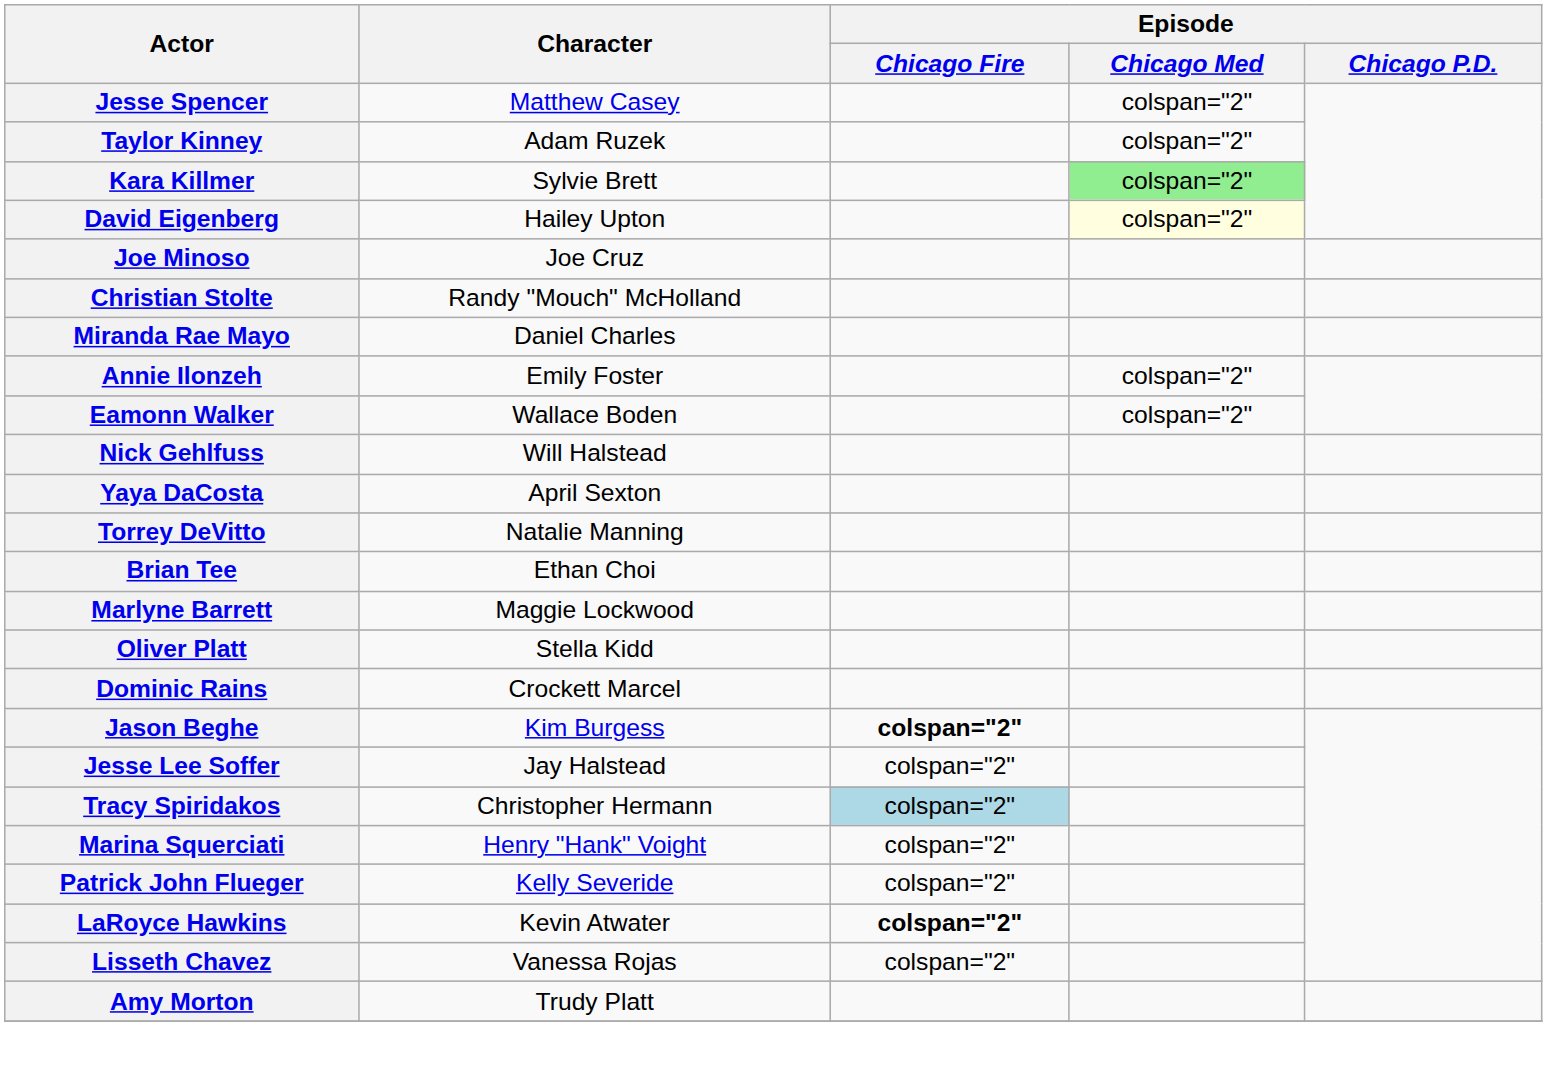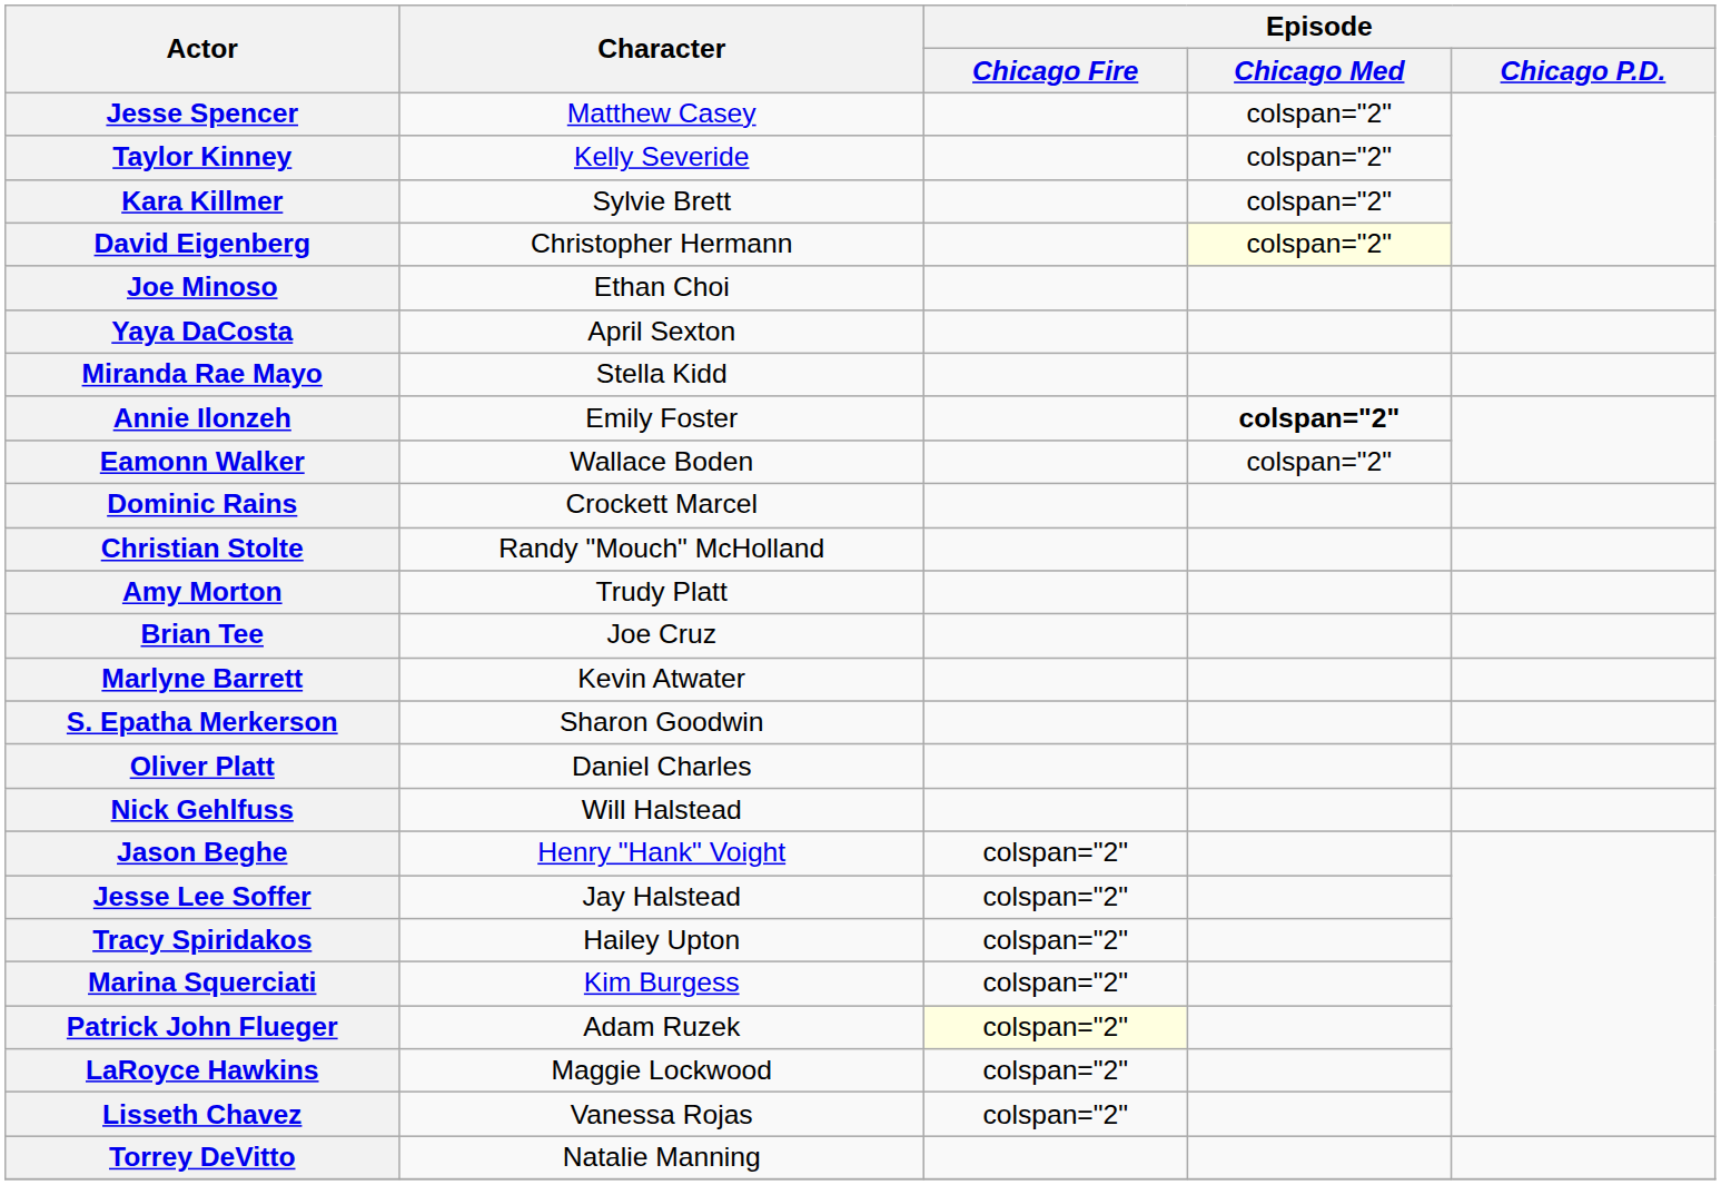 <table class="wikitable" style="width:79%; text-align:center;">
 <tr>
 <th scope="col" rowspan="2" width=15%>Actor</th>
 <th scope="col" rowspan="2" width=20%>Character</th>
 <th scope="col" colspan="3">Episode</th>
 </tr>
 <tr>
 <th scope="col" width=10%><em><a href='#'>Chicago Fire</a></em></th>
 <th scope="col" width=10%><em><a href='#'>Chicago Med</a></em></th>
 <th scope="col" width=10%><em><a href='#'>Chicago P.D.</a></em></th>
 </tr>
 <tr>
 <th scope="row"><a href='#'>Jesse Spencer</a></th>
 <td><a href='#'>Matthew Casey</a></td>
 <td></td>
 <td>colspan="2" </td>
 </tr>
 <tr>
 <th scope="row"><a href='#'>Taylor Kinney</a></th>
-<td>Adam Ruzek</td>
+<td><a href='#'>Kelly Severide</a></td>
 <td></td>
 <td>colspan="2" </td>
 </tr>
 <tr>
 <th scope="row"><a href='#'>Kara Killmer</a></th>
 <td>Sylvie Brett</td>
 <td></td>
-<td style="background: lightgreen;">colspan="2" </td>
+<td>colspan="2" </td>
 </tr>
 <tr>
 <th scope="row"><a href='#'>David Eigenberg</a></th>
-<td>Hailey Upton</td>
+<td>Christopher Hermann</td>
 <td></td>
 <td style="background: lightyellow;">colspan="2" </td>
 </tr>
 <tr>
 <th scope="row"><a href='#'>Joe Minoso</a></th>
-<td>Joe Cruz</td>
+<td>Ethan Choi</td>
+<td></td>
+<td></td>
+<td></td>
+</tr>
+<tr>
+<th scope="row"><a href='#'>Yaya DaCosta</a></th>
+<td>April Sexton</td>
+<td></td>
+<td></td>
+<td></td>
+</tr>
+<tr>
+<th scope="row"><a href='#'>Miranda Rae Mayo</a></th>
+<td>Stella Kidd</td>
+<td></td>
+<td></td>
+<td></td>
+</tr>
+<tr>
+<th scope="row"><a href='#'>Annie Ilonzeh</a></th>
+<td>Emily Foster</td>
+<td></td>
+<td><strong>colspan="2" </strong></td>
+</tr>
+<tr>
+<th scope="row"><a href='#'>Eamonn Walker</a></th>
+<td>Wallace Boden</td>
+<td></td>
+<td>colspan="2" </td>
+</tr>
+<tr>
+<th scope="row"><a href='#'>Dominic Rains</a></th>
+<td>Crockett Marcel</td>
 <td></td>
 <td></td>
 <td></td>
 </tr>
 <tr>
 <th scope="row"><a href='#'>Christian Stolte</a></th>
 <td>Randy "Mouch" McHolland</td>
 <td></td>
 <td></td>
 <td></td>
 </tr>
 <tr>
-<th scope="row"><a href='#'>Miranda Rae Mayo</a></th>
-<td>Daniel Charles</td>
+<th scope="row"><a href='#'>Amy Morton</a></th>
+<td>Trudy Platt</td>
 <td></td>
 <td></td>
 <td></td>
 </tr>
 <tr>
-<th scope="row"><a href='#'>Annie Ilonzeh</a></th>
-<td>Emily Foster</td>
+<th scope="row"><a href='#'>Brian Tee</a></th>
+<td>Joe Cruz</td>
 <td></td>
-<td>colspan="2" </td>
+<td></td>
+<td></td>
 </tr>
 <tr>
-<th scope="row"><a href='#'>Eamonn Walker</a></th>
-<td>Wallace Boden</td>
+<th scope="row"><a href='#'>Marlyne Barrett</a></th>
+<td>Kevin Atwater</td>
 <td></td>
-<td>colspan="2" </td>
+<td></td>
+<td></td>
+</tr>
+<tr>
+<th scope="row"><a href='#'>S. Epatha Merkerson</a></th>
+<td>Sharon Goodwin</td>
+<td></td>
+<td></td>
+<td></td>
+</tr>
+<tr>
+<th scope="row"><a href='#'>Oliver Platt</a></th>
+<td>Daniel Charles</td>
+<td></td>
+<td></td>
+<td></td>
 </tr>
 <tr>
 <th scope="row"><a href='#'>Nick Gehlfuss</a></th>
 <td>Will Halstead</td>
 <td></td>
 <td></td>
 <td></td>
 </tr>
 <tr>
-<th scope="row"><a href='#'>Yaya DaCosta</a></th>
-<td>April Sexton</td>
+<th scope="row"><a href='#'>Jason Beghe</a></th>
+<td><a href='#'>Henry "Hank" Voight</a></td>
+<td>colspan="2" </td>
 <td></td>
+</tr>
+<tr>
+<th scope="row"><a href='#'>Jesse Lee Soffer</a></th>
+<td>Jay Halstead</td>
+<td>colspan="2" </td>
 <td></td>
+</tr>
+<tr>
+<th scope="row"><a href='#'>Tracy Spiridakos</a></th>
+<td>Hailey Upton</td>
+<td>colspan="2" </td>
+<td></td>
+</tr>
+<tr>
+<th scope="row"><a href='#'>Marina Squerciati</a></th>
+<td><a href='#'>Kim Burgess</a></td>
+<td>colspan="2" </td>
+<td></td>
+</tr>
+<tr>
+<th scope="row"><a href='#'>Patrick John Flueger</a></th>
+<td>Adam Ruzek</td>
+<td style="background: lightyellow;">colspan="2" </td>
+<td></td>
+</tr>
+<tr>
+<th scope="row"><a href='#'>LaRoyce Hawkins</a></th>
+<td>Maggie Lockwood</td>
+<td>colspan="2" </td>
+<td></td>
+</tr>
+<tr>
+<th scope="row"><a href='#'>Lisseth Chavez</a></th>
+<td>Vanessa Rojas</td>
+<td>colspan="2" </td>
 <td></td>
 </tr>
 <tr>
 <th scope="row"><a href='#'>Torrey DeVitto</a></th>
 <td>Natalie Manning</td>
 <td></td>
 <td></td>
 <td></td>
 </tr>
 <tr>
-<th scope="row"><a href='#'>Brian Tee</a></th>
-<td>Ethan Choi</td>
-<td></td>
-<td></td>
-<td></td>
-</tr>
-<tr>
-<th scope="row"><a href='#'>Marlyne Barrett</a></th>
-<td>Maggie Lockwood</td>
-<td></td>
-<td></td>
-<td></td>
-</tr>
-<tr>
-<th scope="row"><a href='#'>Oliver Platt</a></th>
-<td>Stella Kidd</td>
-<td></td>
-<td></td>
-<td></td>
-</tr>
-<tr>
-<th scope="row"><a href='#'>Dominic Rains</a></th>
-<td>Crockett Marcel</td>
-<td></td>
-<td></td>
-<td></td>
-</tr>
-<tr>
-<th scope="row"><a href='#'>Jason Beghe</a></th>
-<td><a href='#'>Kim Burgess</a></td>
-<td><strong>colspan="2" </strong></td>
-<td></td>
-</tr>
-<tr>
-<th scope="row"><a href='#'>Jesse Lee Soffer</a></th>
-<td>Jay Halstead</td>
-<td>colspan="2" </td>
-<td></td>
-</tr>
-<tr>
-<th scope="row"><a href='#'>Tracy Spiridakos</a></th>
-<td>Christopher Hermann</td>
-<td style="background: lightblue;">colspan="2" </td>
-<td></td>
-</tr>
-<tr>
-<th scope="row"><a href='#'>Marina Squerciati</a></th>
-<td><a href='#'>Henry "Hank" Voight</a></td>
-<td>colspan="2" </td>
-<td></td>
-</tr>
-<tr>
-<th scope="row"><a href='#'>Patrick John Flueger</a></th>
-<td><a href='#'>Kelly Severide</a></td>
-<td>colspan="2" </td>
-<td></td>
-</tr>
-<tr>
-<th scope="row"><a href='#'>LaRoyce Hawkins</a></th>
-<td>Kevin Atwater</td>
-<td><strong>colspan="2" </strong></td>
-<td></td>
-</tr>
-<tr>
-<th scope="row"><a href='#'>Lisseth Chavez</a></th>
-<td>Vanessa Rojas</td>
-<td>colspan="2" </td>
-<td></td>
-</tr>
-<tr>
-<th scope="row"><a href='#'>Amy Morton</a></th>
-<td>Trudy Platt</td>
-<td></td>
-<td></td>
-<td></td>
-</tr>
-<tr>
 </tr>
 </table>
